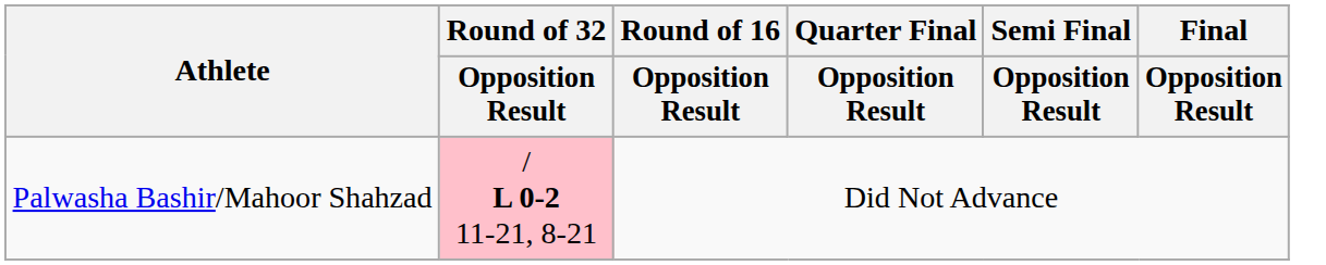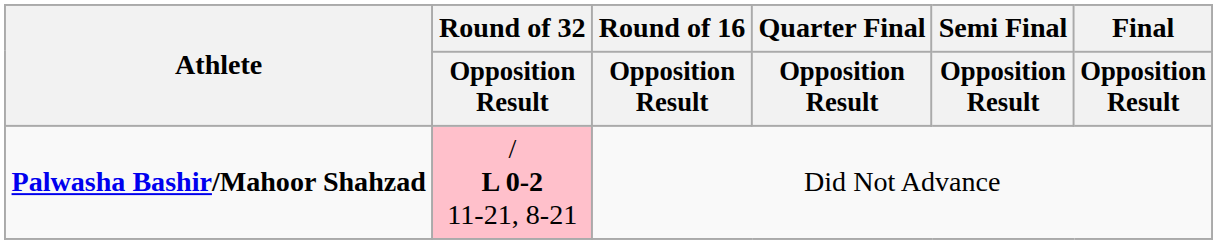 <table class=wikitable style="font-size:90%">
 <tr>
 <th rowspan=2>Athlete</th>
 <th>Round of 32</th>
 <th>Round of 16</th>
 <th>Quarter Final</th>
 <th>Semi Final</th>
 <th>Final</th>
 </tr>
 <tr style="font-size:95%">
 <th>Opposition<br>Result</th>
 <th>Opposition<br>Result</th>
 <th>Opposition<br>Result</th>
 <th>Opposition<br>Result</th>
 <th>Opposition<br>Result</th>
 </tr>
 <tr align=center>
-<td><a href='#'>Palwasha Bashir</a>/Mahoor Shahzad</td>
+<td><strong><a href='#'>Palwasha Bashir</a>/Mahoor Shahzad</strong></td>
 <td style="background:pink;">/<br><strong>L 0-2</strong><br> 11-21, 8-21</td>
 <td colspan=4>Did Not Advance</td>
 </tr>
 </table>
